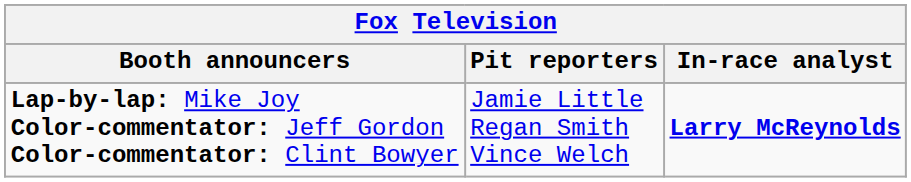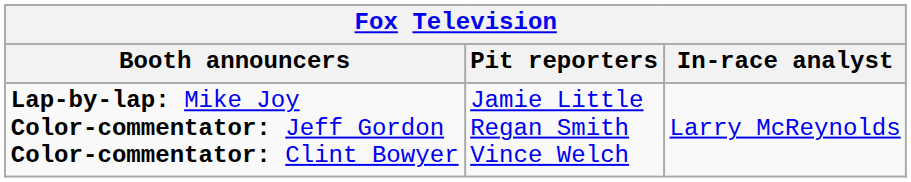 <table class="wikitable" style="font-size: 95%">
 <tr>
 <th colspan="3"><a href='#'>Fox</a> <a href='#'>Television</a></th>
 </tr>
 <tr>
 <th>Booth announcers</th>
 <th>Pit reporters</th>
 <th>In-race analyst</th>
 </tr>
 <tr>
 <td><strong>Lap-by-lap:</strong> <a href='#'>Mike Joy</a><br><strong>Color-commentator:</strong> <a href='#'>Jeff Gordon</a><br><strong>Color-commentator:</strong> <a href='#'>Clint Bowyer</a></td>
 <td><a href='#'>Jamie Little</a><br><a href='#'>Regan Smith</a><br><a href='#'>Vince Welch</a></td>
-<td><strong><a href='#'>Larry McReynolds</a></strong></td>
+<td><a href='#'>Larry McReynolds</a></td>
 </tr>
 </table>
